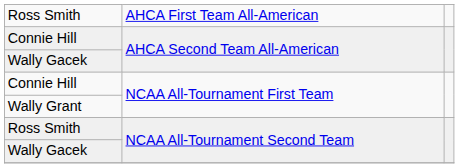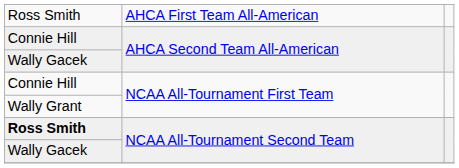 <table class="wikitable" width=40%>
 <tr>
 <td>Ross Smith</td>
 <td rowspan=1><a href='#'>AHCA First Team All-American</a></td>
 <td rowspan=1></td>
 </tr>
 <tr bgcolor=f0f0f0>
 <td>Connie Hill</td>
 <td rowspan=2><a href='#'>AHCA Second Team All-American</a></td>
 <td rowspan=2></td>
 </tr>
 <tr bgcolor=f0f0f0>
 <td>Wally Gacek</td>
 </tr>
 <tr>
 <td>Connie Hill</td>
 <td rowspan=2><a href='#'>NCAA All-Tournament First Team</a></td>
 <td rowspan=2></td>
 </tr>
 <tr>
 <td>Wally Grant</td>
 </tr>
 <tr bgcolor=f0f0f0>
-<td>Ross Smith</td>
+<td><strong>Ross Smith</strong></td>
 <td rowspan=2><a href='#'>NCAA All-Tournament Second Team</a></td>
 <td rowspan=2></td>
 </tr>
 <tr bgcolor=f0f0f0>
 <td>Wally Gacek</td>
 </tr>
 <tr>
 </tr>
 </table>
